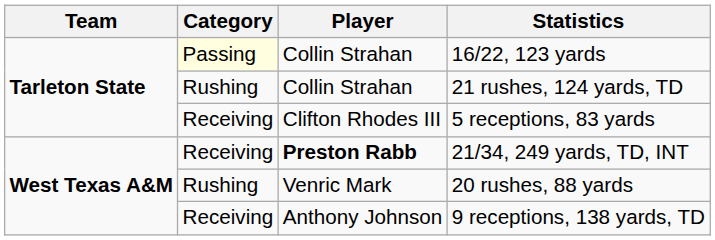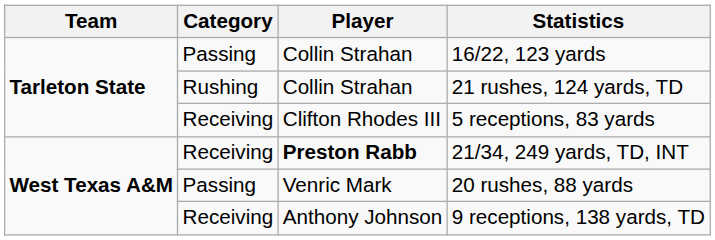 <table class="wikitable" style="float: left;">
 <tr>
 <th>Team</th>
 <th>Category</th>
 <th>Player</th>
 <th>Statistics</th>
 </tr>
 <tr>
 <td rowspan=3><strong>Tarleton State</strong></td>
-<td style="background: lightyellow;">Passing</td>
+<td>Passing</td>
 <td>Collin Strahan</td>
 <td>16/22, 123 yards</td>
 </tr>
 <tr>
 <td>Rushing</td>
 <td>Collin Strahan</td>
 <td>21 rushes, 124 yards, TD</td>
 </tr>
 <tr>
 <td>Receiving</td>
 <td>Clifton Rhodes III</td>
 <td>5 receptions, 83 yards</td>
 </tr>
 <tr>
 <td rowspan=3><strong>West Texas A&M</strong></td>
 <td>Receiving</td>
 <td><strong>Preston Rabb</strong></td>
 <td>21/34, 249 yards, TD, INT</td>
 </tr>
 <tr>
-<td>Rushing</td>
+<td>Passing</td>
 <td>Venric Mark</td>
 <td>20 rushes, 88 yards</td>
 </tr>
 <tr>
 <td>Receiving</td>
 <td>Anthony Johnson</td>
 <td>9 receptions, 138 yards, TD</td>
 </tr>
 </table>
